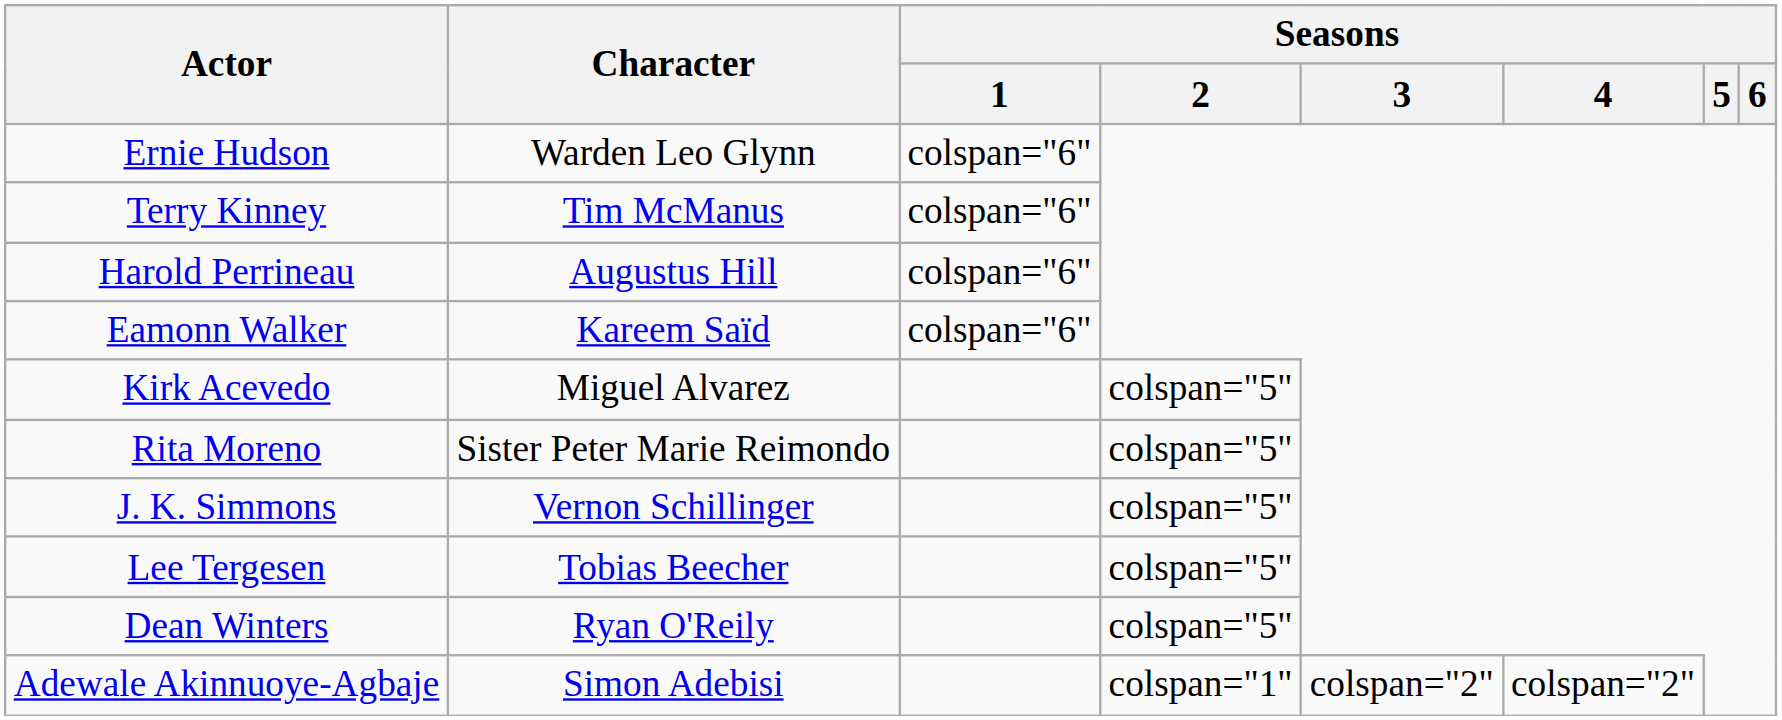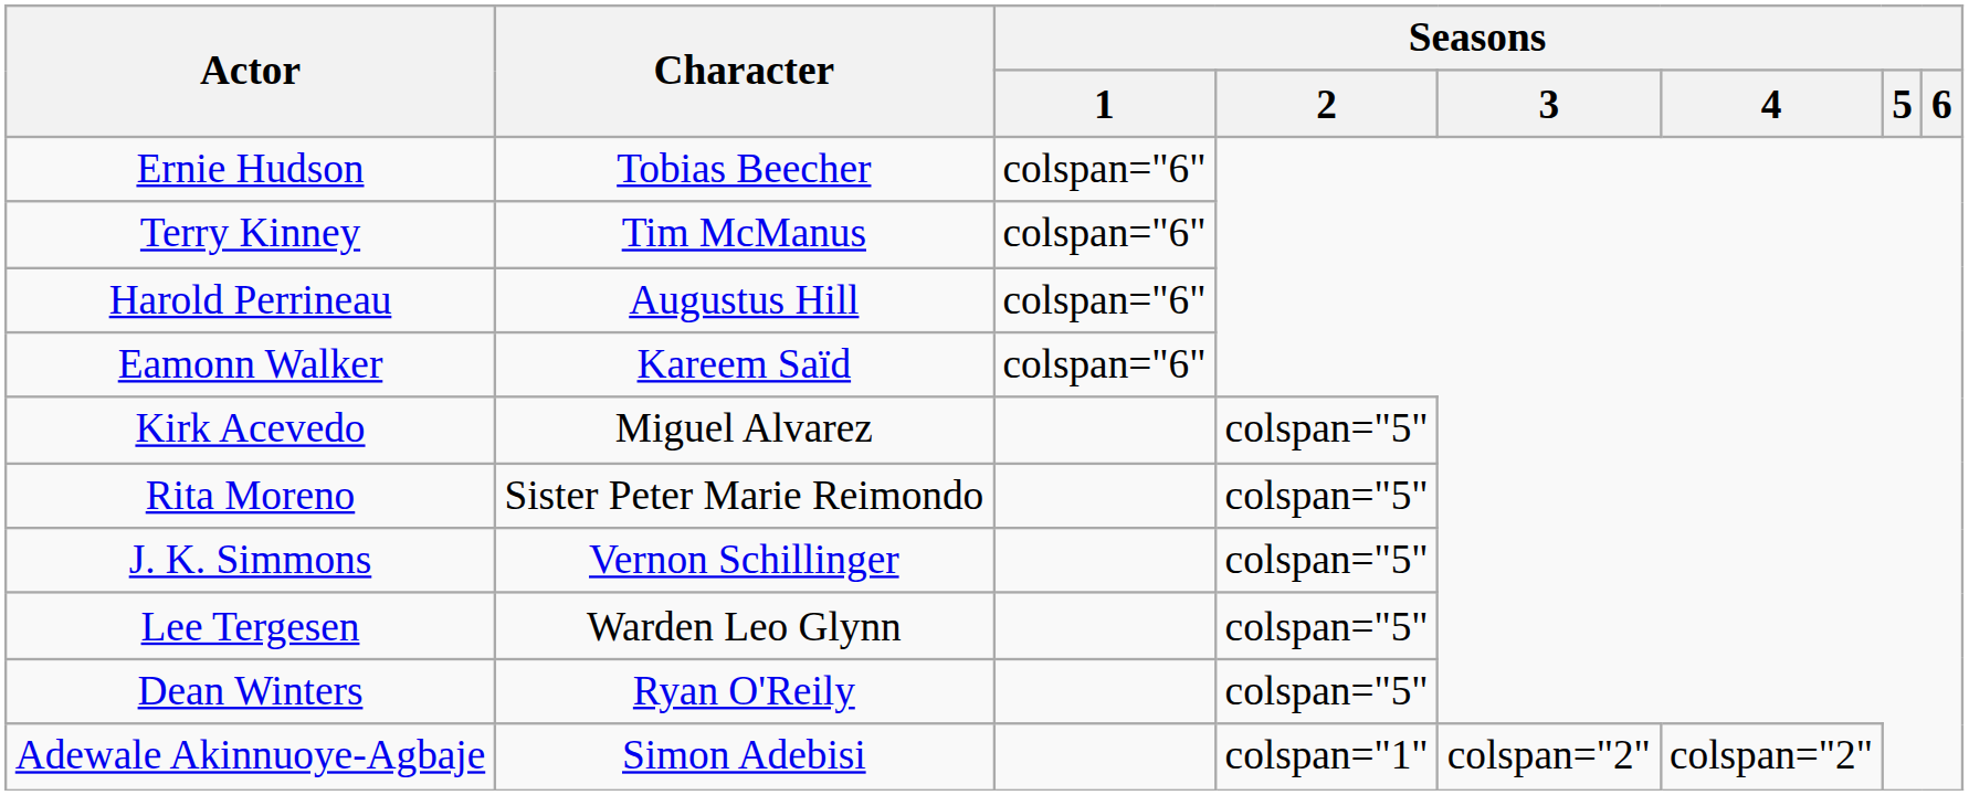 <table class="wikitable sortable" style="text-align:center;">
 <tr>
 <th rowspan="2">Actor</th>
 <th rowspan="2">Character</th>
 <th colspan="6">Seasons</th>
 </tr>
 <tr>
 <th>1</th>
 <th>2</th>
 <th>3</th>
 <th>4</th>
 <th>5</th>
 <th>6</th>
 </tr>
 <tr>
 <td><a href='#'>Ernie Hudson</a></td>
-<td>Warden Leo Glynn</td>
+<td><a href='#'>Tobias Beecher</a></td>
 <td>colspan="6" </td>
 </tr>
 <tr>
 <td><a href='#'>Terry Kinney</a></td>
 <td><a href='#'>Tim McManus</a></td>
 <td>colspan="6" </td>
 </tr>
 <tr>
 <td><a href='#'>Harold Perrineau</a></td>
 <td><a href='#'>Augustus Hill</a></td>
 <td>colspan="6" </td>
 </tr>
 <tr>
 <td><a href='#'>Eamonn Walker</a></td>
 <td><a href='#'>Kareem Saïd</a></td>
 <td>colspan="6" </td>
 </tr>
 <tr>
 <td><a href='#'>Kirk Acevedo</a></td>
 <td>Miguel Alvarez</td>
 <td></td>
 <td>colspan="5" </td>
 </tr>
 <tr>
 <td><a href='#'>Rita Moreno</a></td>
 <td>Sister Peter Marie Reimondo</td>
 <td></td>
 <td>colspan="5" </td>
 </tr>
 <tr>
 <td><a href='#'>J. K. Simmons</a></td>
 <td><a href='#'>Vernon Schillinger</a></td>
 <td></td>
 <td>colspan="5" </td>
 </tr>
 <tr>
 <td><a href='#'>Lee Tergesen</a></td>
-<td><a href='#'>Tobias Beecher</a></td>
+<td>Warden Leo Glynn</td>
 <td></td>
 <td>colspan="5" </td>
 </tr>
 <tr>
 <td><a href='#'>Dean Winters</a></td>
 <td><a href='#'>Ryan O'Reily</a></td>
 <td></td>
 <td>colspan="5" </td>
 </tr>
 <tr>
 <td><a href='#'>Adewale Akinnuoye-Agbaje</a></td>
 <td><a href='#'>Simon Adebisi</a></td>
 <td></td>
 <td>colspan="1" </td>
 <td>colspan="2" </td>
 <td>colspan="2" </td>
 </tr>
 </table>
